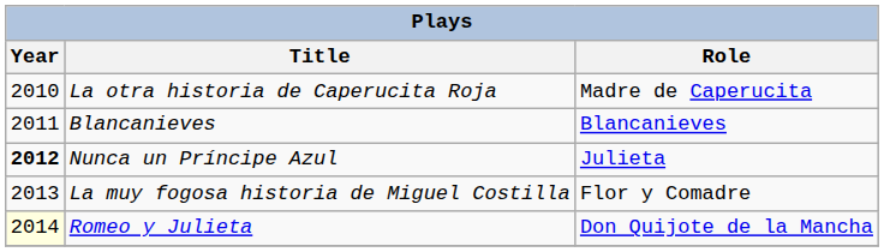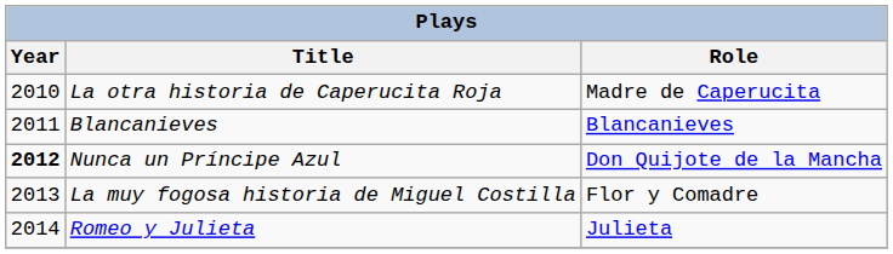 <table class="wikitable" style="font-size: 90%;">
 <tr>
 <th colspan="5" style="background: LightSteelBlue;">Plays</th>
 </tr>
 <tr>
 <th>Year</th>
 <th>Title</th>
 <th>Role</th>
 </tr>
 <tr>
 <td rowspan="1">2010</td>
 <td><em>La otra historia de Caperucita Roja</em></td>
 <td>Madre de <a href='#'>Caperucita</a></td>
 </tr>
 <tr>
 <td rowspan="1">2011</td>
 <td><em>Blancanieves</em></td>
 <td><a href='#'>Blancanieves</a></td>
 </tr>
 <tr>
 <td rowspan="1"><strong>2012</strong></td>
 <td><em>Nunca un Príncipe Azul</em></td>
-<td><a href='#'>Julieta</a></td>
+<td><a href='#'>Don Quijote de la Mancha</a></td>
 </tr>
 <tr>
 <td rowspan="1">2013</td>
 <td><em>La muy fogosa historia de Miguel Costilla</em></td>
 <td>Flor y Comadre</td>
 </tr>
 <tr>
-<td rowspan="1" style="background: lightyellow;">2014</td>
+<td rowspan="1">2014</td>
 <td><em><a href='#'>Romeo y Julieta</a></em></td>
-<td><a href='#'>Don Quijote de la Mancha</a></td>
+<td><a href='#'>Julieta</a></td>
 </tr>
 <tr>
 </tr>
 </table>
